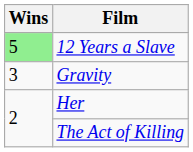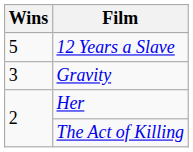 <table class="wikitable">
 <tr>
 <th>Wins</th>
 <th>Film</th>
 </tr>
 <tr>
-<td style="background: lightgreen;">5</td>
+<td>5</td>
 <td><em><a href='#'>12 Years a Slave</a></em></td>
 </tr>
 <tr>
 <td>3</td>
 <td><em><a href='#'>Gravity</a></em></td>
 </tr>
 <tr>
 <td rowspan="2">2</td>
 <td><em><a href='#'>Her</a></em></td>
 </tr>
 <tr>
 <td><em><a href='#'>The Act of Killing</a></em></td>
 </tr>
 </table>
